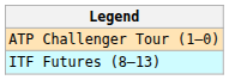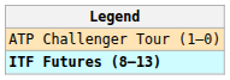 <table class="wikitable">
 <tr>
 <th>Legend</th>
 </tr>
 <tr style="background:moccasin;">
 <td>ATP Challenger Tour (1–0)</td>
 </tr>
 <tr style="background:#cffcff;">
-<td>ITF Futures (8–13)</td>
+<td><strong>ITF Futures (8–13)</strong></td>
 </tr>
 </table>
